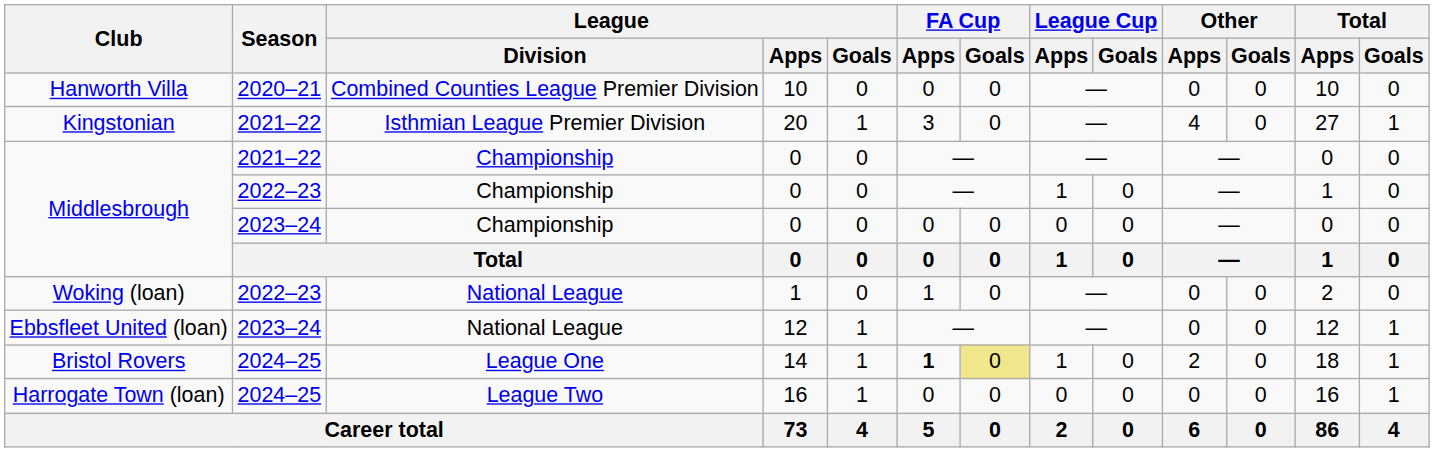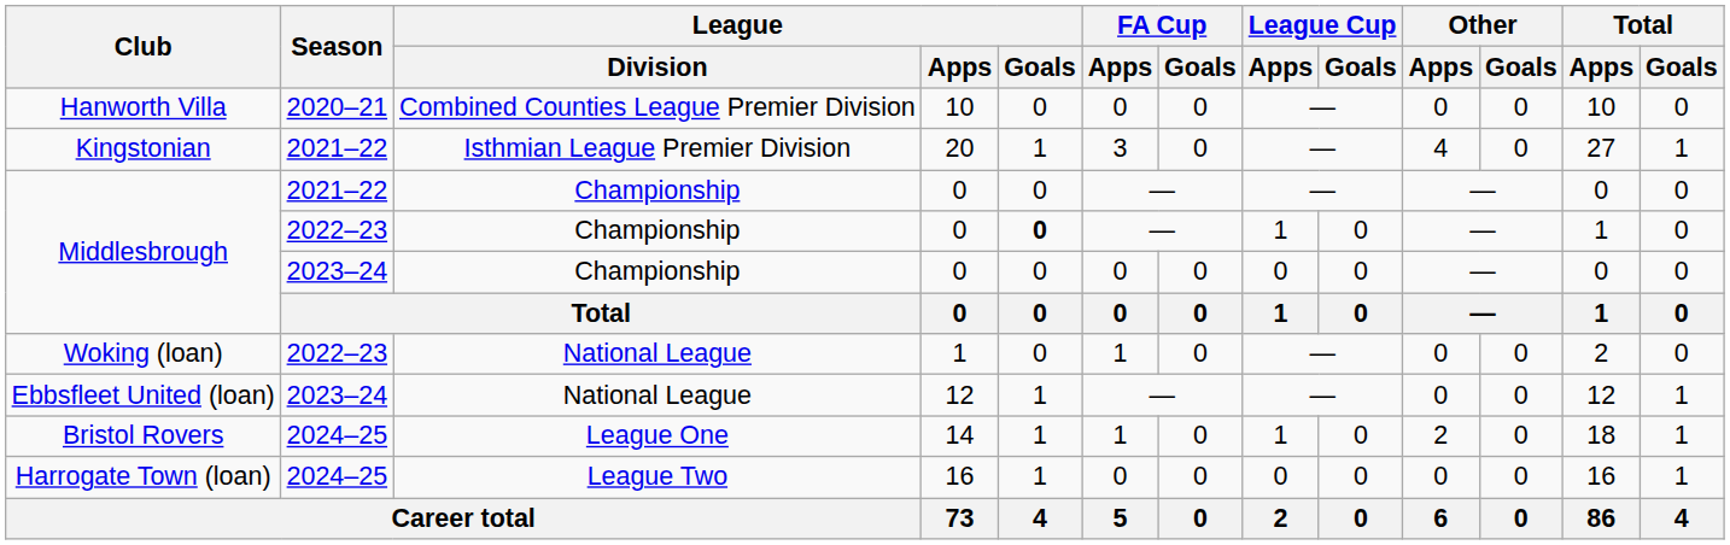 <table class="wikitable" style="text-align:center">
 <tr>
 <th rowspan="2">Club</th>
 <th rowspan="2">Season</th>
 <th colspan="3">League</th>
 <th colspan="2"><a href='#'>FA Cup</a></th>
 <th colspan="2"><a href='#'>League Cup</a></th>
 <th colspan="2">Other</th>
 <th colspan="2">Total</th>
 </tr>
 <tr>
 <th>Division</th>
 <th>Apps</th>
 <th>Goals</th>
 <th>Apps</th>
 <th>Goals</th>
 <th>Apps</th>
 <th>Goals</th>
 <th>Apps</th>
 <th>Goals</th>
 <th>Apps</th>
 <th>Goals</th>
 </tr>
 <tr>
 <td><a href='#'>Hanworth Villa</a></td>
 <td><a href='#'>2020–21</a></td>
 <td><a href='#'>Combined Counties League</a> Premier Division</td>
 <td>10</td>
 <td>0</td>
 <td>0</td>
 <td>0</td>
 <td colspan="2">—</td>
 <td>0</td>
 <td>0</td>
 <td>10</td>
 <td>0</td>
 </tr>
 <tr>
 <td><a href='#'>Kingstonian</a></td>
 <td><a href='#'>2021–22</a></td>
 <td><a href='#'>Isthmian League</a> Premier Division</td>
 <td>20</td>
 <td>1</td>
 <td>3</td>
 <td>0</td>
 <td colspan="2">—</td>
 <td>4</td>
 <td>0</td>
 <td>27</td>
 <td>1</td>
 </tr>
 <tr>
 <td rowspan="4"><a href='#'>Middlesbrough</a></td>
 <td><a href='#'>2021–22</a></td>
 <td><a href='#'>Championship</a></td>
 <td>0</td>
 <td>0</td>
 <td colspan="2">—</td>
 <td colspan="2">—</td>
 <td colspan="2">—</td>
 <td>0</td>
 <td>0</td>
 </tr>
 <tr>
 <td><a href='#'>2022–23</a></td>
 <td>Championship</td>
 <td>0</td>
-<td>0</td>
+<td><strong>0</strong></td>
 <td colspan="2">—</td>
 <td>1</td>
 <td>0</td>
 <td colspan="2">—</td>
 <td>1</td>
 <td>0</td>
 </tr>
 <tr>
 <td><a href='#'>2023–24</a></td>
 <td>Championship</td>
 <td>0</td>
 <td>0</td>
 <td>0</td>
 <td>0</td>
 <td>0</td>
 <td>0</td>
 <td colspan="2">—</td>
 <td>0</td>
 <td>0</td>
 </tr>
 <tr>
 <th colspan=2>Total</th>
 <th>0</th>
 <th>0</th>
 <th>0</th>
 <th>0</th>
 <th>1</th>
 <th>0</th>
 <th colspan="2">—</th>
 <th>1</th>
 <th>0</th>
 </tr>
 <tr>
 <td><a href='#'>Woking</a> (loan)</td>
 <td><a href='#'>2022–23</a></td>
 <td><a href='#'>National League</a></td>
 <td>1</td>
 <td>0</td>
 <td>1</td>
 <td>0</td>
 <td colspan="2">—</td>
 <td>0</td>
 <td>0</td>
 <td>2</td>
 <td>0</td>
 </tr>
 <tr>
 <td><a href='#'>Ebbsfleet United</a> (loan)</td>
 <td><a href='#'>2023–24</a></td>
 <td>National League</td>
 <td>12</td>
 <td>1</td>
 <td colspan="2">—</td>
 <td colspan="2">—</td>
 <td>0</td>
 <td>0</td>
 <td>12</td>
 <td>1</td>
 </tr>
 <tr>
 <td><a href='#'>Bristol Rovers</a></td>
 <td><a href='#'>2024–25</a></td>
 <td><a href='#'>League One</a></td>
 <td>14</td>
 <td>1</td>
-<td><strong>1</strong></td>
-<td style="background: khaki;">0</td>
+<td>1</td>
+<td>0</td>
 <td>1</td>
 <td>0</td>
 <td>2</td>
 <td>0</td>
 <td>18</td>
 <td>1</td>
 </tr>
 <tr>
 <td><a href='#'>Harrogate Town</a> (loan)</td>
 <td><a href='#'>2024–25</a></td>
 <td><a href='#'>League Two</a></td>
 <td>16</td>
 <td>1</td>
 <td>0</td>
 <td>0</td>
 <td>0</td>
 <td>0</td>
 <td>0</td>
 <td>0</td>
 <td>16</td>
 <td>1</td>
 </tr>
 <tr>
 <th colspan=3>Career total</th>
 <th>73</th>
 <th>4</th>
 <th>5</th>
 <th>0</th>
 <th>2</th>
 <th>0</th>
 <th>6</th>
 <th>0</th>
 <th>86</th>
 <th>4</th>
 </tr>
 </table>
